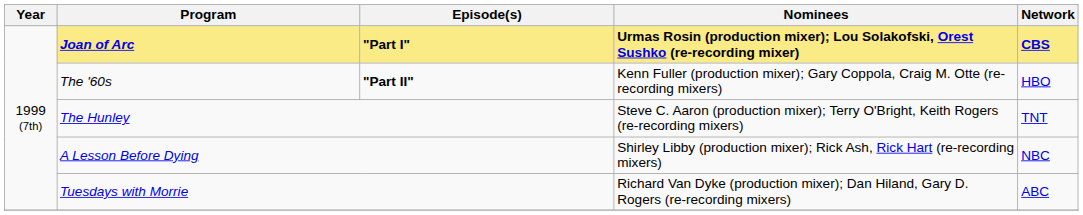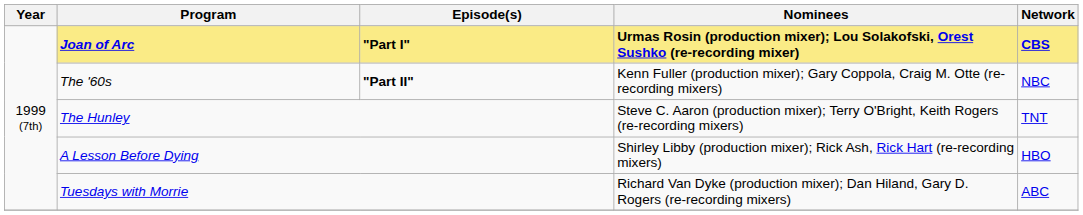 <table class="wikitable" style="width:100%">
 <tr bgcolor="#bebebe">
 <th width="5%">Year</th>
 <th width="30%">Program</th>
 <th width="25%">Episode(s)</th>
 <th width="40%">Nominees</th>
 <th width="5%">Network</th>
 </tr>
 <tr>
 <td rowspan="5" style="text-align:center;">1999 <br><small>(7th)</small><br></td>
 <td style="background:#FAEB86;"><strong><em><a href='#'>Joan of Arc</a></em></strong></td>
 <td style="background:#FAEB86;"><strong>"Part I" </strong></td>
 <td style="background:#FAEB86;"><strong>Urmas Rosin (production mixer); Lou Solakofski, <a href='#'>Orest Sushko</a> (re-recording mixer)</strong></td>
 <td style="background:#FAEB86;"><strong><a href='#'>CBS</a></strong></td>
 </tr>
 <tr>
 <td><em>The '60s</em></td>
 <td><strong>"Part II"</strong></td>
 <td>Kenn Fuller (production mixer); Gary Coppola, Craig M. Otte (re-recording mixers)</td>
-<td><a href='#'>HBO</a></td>
+<td><a href='#'>NBC</a></td>
 </tr>
 <tr>
 <td colspan="2"><em><a href='#'>The Hunley</a></em></td>
 <td>Steve C. Aaron (production mixer); Terry O'Bright, Keith Rogers (re-recording mixers)</td>
 <td><a href='#'>TNT</a></td>
 </tr>
 <tr>
 <td colspan="2"><em><a href='#'>A Lesson Before Dying</a></em></td>
 <td>Shirley Libby (production mixer); Rick Ash, <a href='#'>Rick Hart</a> (re-recording mixers)</td>
-<td><a href='#'>NBC</a></td>
+<td><a href='#'>HBO</a></td>
 </tr>
 <tr>
 <td colspan="2"><em><a href='#'>Tuesdays with Morrie</a></em></td>
 <td>Richard Van Dyke (production mixer); Dan Hiland, Gary D. Rogers (re-recording mixers)</td>
 <td><a href='#'>ABC</a></td>
 </tr>
 <tr>
 </tr>
 </table>
